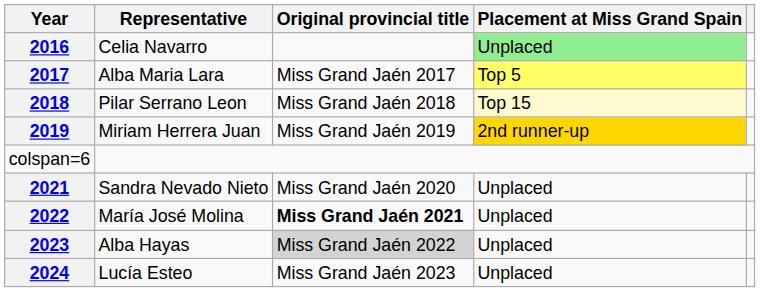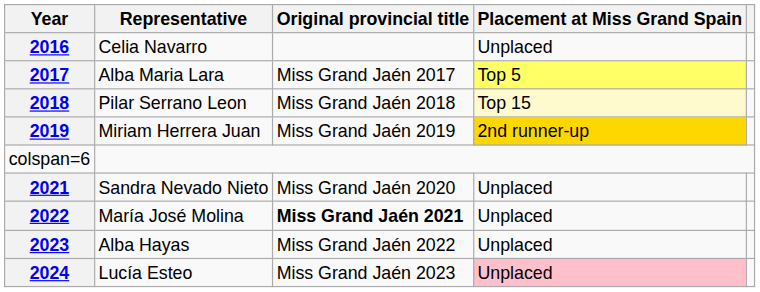 <table class="wikitable defaultcenter col2left" style="font-size:95%;">
 <tr>
 <th>Year</th>
 <th>Representative</th>
 <th>Original provincial title</th>
 <th>Placement at Miss Grand Spain</th>
 <th></th>
 </tr>
 <tr>
 <th><a href='#'>2016</a></th>
 <td>Celia Navarro</td>
 <td></td>
-<td style="background: lightgreen;">Unplaced</td>
+<td>Unplaced</td>
 <td></td>
 </tr>
 <tr>
 <th><a href='#'>2017</a></th>
 <td>Alba Maria Lara</td>
 <td>Miss Grand Jaén 2017</td>
 <td bgcolor=#FFFF66>Top 5</td>
 <td></td>
 </tr>
 <tr>
 <th><a href='#'>2018</a></th>
 <td>Pilar Serrano Leon</td>
 <td>Miss Grand Jaén 2018</td>
 <td bgcolor=#FFFACD>Top 15</td>
 <td></td>
 </tr>
 <tr>
 <th><a href='#'>2019</a></th>
 <td>Miriam Herrera Juan</td>
 <td>Miss Grand Jaén 2019</td>
 <td bgcolor=gold>2nd runner-up</td>
 <td></td>
 </tr>
 <tr>
 <td>colspan=6 </td>
 </tr>
 <tr>
 <th><a href='#'>2021</a></th>
 <td>Sandra Nevado Nieto</td>
 <td>Miss Grand Jaén 2020</td>
 <td>Unplaced</td>
 <td></td>
 </tr>
 <tr>
 <th><a href='#'>2022</a></th>
 <td>María José Molina</td>
 <td><strong>Miss Grand Jaén 2021</strong></td>
 <td>Unplaced</td>
 <td></td>
 </tr>
 <tr>
 <th><a href='#'>2023</a></th>
 <td>Alba Hayas</td>
-<td style="background: lightgrey;">Miss Grand Jaén 2022</td>
+<td>Miss Grand Jaén 2022</td>
 <td>Unplaced</td>
 <td></td>
 </tr>
 <tr>
 <th><a href='#'>2024</a></th>
 <td>Lucía Esteo</td>
 <td>Miss Grand Jaén 2023</td>
-<td>Unplaced</td>
+<td style="background: pink;">Unplaced</td>
 <td></td>
 </tr>
 </table>
